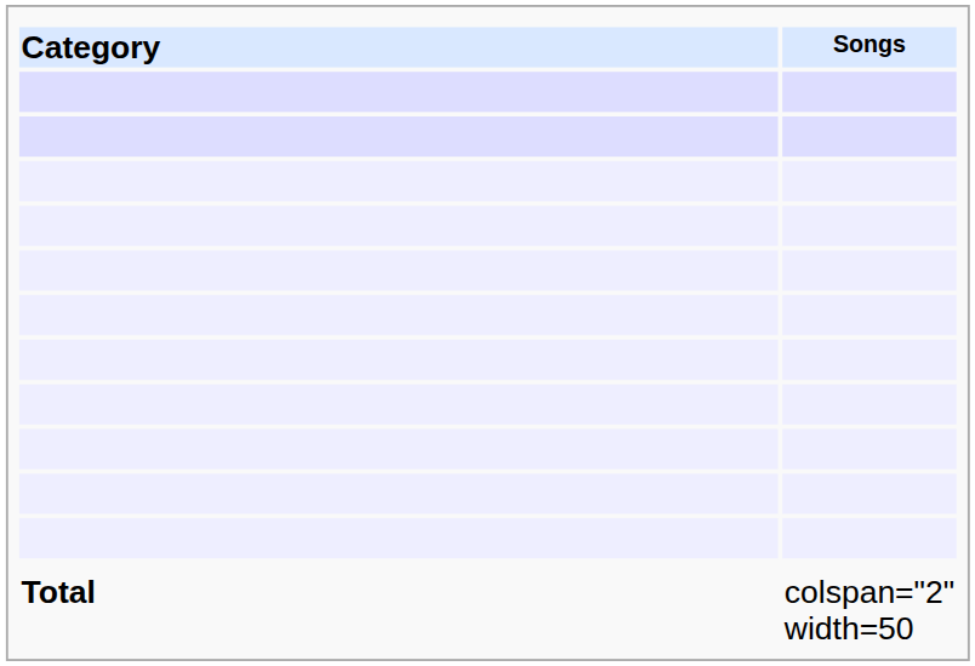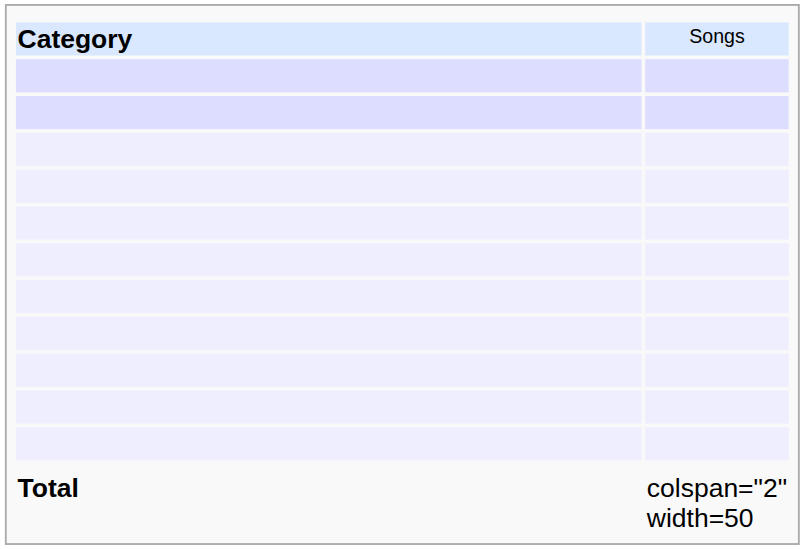 <table class="infobox" style="width: 30em; text-align: left; font-size: 90%; vertical-align: middle;">
 <tr>
 <td colspan="2" style="text-align:center;"></td>
 </tr>
 <tr style="background:#d9e8ff;">
 <th style="vertical-align: middle;">Category</th>
-<td style="background;text-align:center; font-size:8pt; width:60px;"><strong>Songs</strong></td>
+<td style="background;text-align:center; font-size:8pt; width:60px;">Songs</td>
 </tr>
 <tr style="background:#ddf;text-align:center;">
 <td style="text-align:center;"><br></td>
 <td></td>
 </tr>
 <tr style="background:#ddf;">
 <td style="text-align:center;"><br></td>
 <td></td>
 </tr>
 <tr style="background:#eef;">
 <td style="text-align:center;"><br></td>
 <td></td>
 </tr>
 <tr style="background:#eef;">
 <td style="text-align:center;"><br></td>
 <td></td>
 </tr>
 <tr style="background:#eef;">
 <td style="text-align:center;"><br></td>
 <td></td>
 </tr>
 <tr style="background:#eef;">
 <td style="text-align:center;"><br></td>
 <td></td>
 </tr>
 <tr style="background:#eef;">
 <td style="text-align:center;"><br></td>
 <td></td>
 </tr>
 <tr style="background:#eef;">
 <td style="text-align:center;"><br></td>
 <td></td>
 </tr>
 <tr style="background:#eef;">
 <td style="text-align:center;"><br></td>
 <td></td>
 </tr>
 <tr style="background:#eef;">
 <td style="text-align:center;"><br></td>
 <td></td>
 </tr>
 <tr style="background:#eef;">
 <td style="text-align:center;"><br></td>
 <td></td>
 </tr>
 <tr>
 <td colspan="2" style="text-align:center;"></td>
 </tr>
 <tr>
 <td><strong>Total</strong></td>
 <td>colspan="2" width=50 </td>
 </tr>
 </table>
